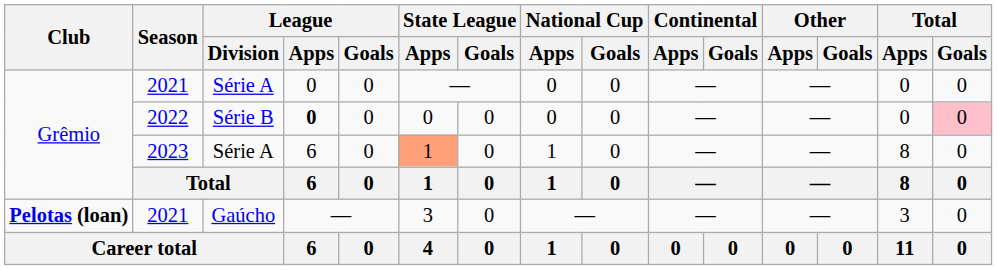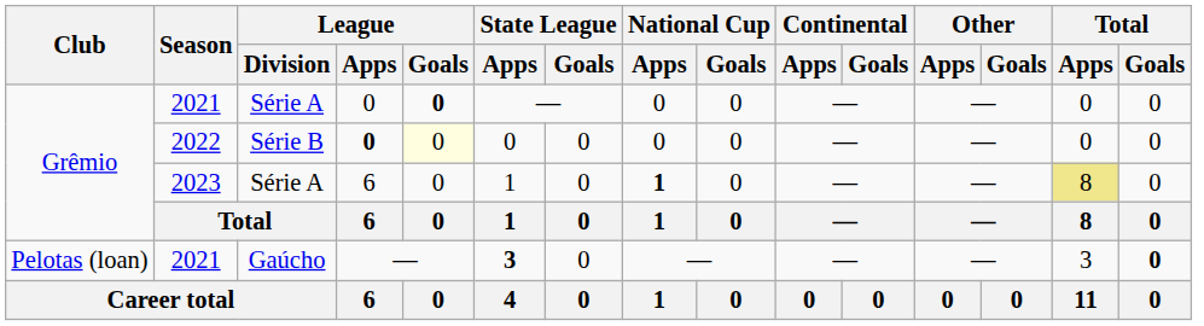 <table class="wikitable" style="text-align: center;">
 <tr>
 <th rowspan="2">Club</th>
 <th rowspan="2">Season</th>
 <th colspan="3">League</th>
 <th colspan="2">State League</th>
 <th colspan="2">National Cup</th>
 <th colspan="2">Continental</th>
 <th colspan="2">Other</th>
 <th colspan="2">Total</th>
 </tr>
 <tr>
 <th>Division</th>
 <th>Apps</th>
 <th>Goals</th>
 <th>Apps</th>
 <th>Goals</th>
 <th>Apps</th>
 <th>Goals</th>
 <th>Apps</th>
 <th>Goals</th>
 <th>Apps</th>
 <th>Goals</th>
 <th>Apps</th>
 <th>Goals</th>
 </tr>
 <tr>
 <td rowspan=4><a href='#'>Grêmio</a></td>
 <td><a href='#'>2021</a></td>
 <td><a href='#'>Série A</a></td>
 <td>0</td>
-<td>0</td>
+<td><strong>0</strong></td>
 <td colspan="2">—</td>
 <td>0</td>
 <td>0</td>
 <td colspan="2">—</td>
 <td colspan="2">—</td>
 <td>0</td>
 <td>0</td>
 </tr>
 <tr>
 <td><a href='#'>2022</a></td>
 <td><a href='#'>Série B</a></td>
 <td><strong>0</strong></td>
-<td>0</td>
+<td style="background: lightyellow;">0</td>
 <td>0</td>
 <td>0</td>
 <td>0</td>
 <td>0</td>
 <td colspan="2">—</td>
 <td colspan="2">—</td>
 <td>0</td>
-<td style="background: pink;">0</td>
+<td>0</td>
 </tr>
 <tr>
 <td><a href='#'>2023</a></td>
 <td>Série A</td>
 <td>6</td>
 <td>0</td>
-<td style="background: lightsalmon;">1</td>
+<td>1</td>
 <td>0</td>
-<td>1</td>
+<td><strong>1</strong></td>
 <td>0</td>
 <td colspan="2">—</td>
 <td colspan="2">—</td>
-<td>8</td>
+<td style="background: khaki;">8</td>
 <td>0</td>
 </tr>
 <tr>
 <th colspan=2>Total</th>
 <th>6</th>
 <th>0</th>
 <th>1</th>
 <th>0</th>
 <th>1</th>
 <th>0</th>
 <th colspan="2">—</th>
 <th colspan="2">—</th>
 <th>8</th>
 <th>0</th>
 </tr>
 <tr>
-<td><strong><a href='#'>Pelotas</a> (loan)</strong></td>
+<td><a href='#'>Pelotas</a> (loan)</td>
 <td><a href='#'>2021</a></td>
 <td><a href='#'>Gaúcho</a></td>
 <td colspan="2">—</td>
-<td>3</td>
+<td><strong>3</strong></td>
 <td>0</td>
 <td colspan="2">—</td>
 <td colspan="2">—</td>
 <td colspan="2">—</td>
 <td>3</td>
-<td>0</td>
+<td><strong>0</strong></td>
 </tr>
 <tr>
 <th colspan="3"><strong>Career total</strong></th>
 <th>6</th>
 <th>0</th>
 <th>4</th>
 <th>0</th>
 <th>1</th>
 <th>0</th>
 <th>0</th>
 <th>0</th>
 <th>0</th>
 <th>0</th>
 <th>11</th>
 <th>0</th>
 </tr>
 </table>
